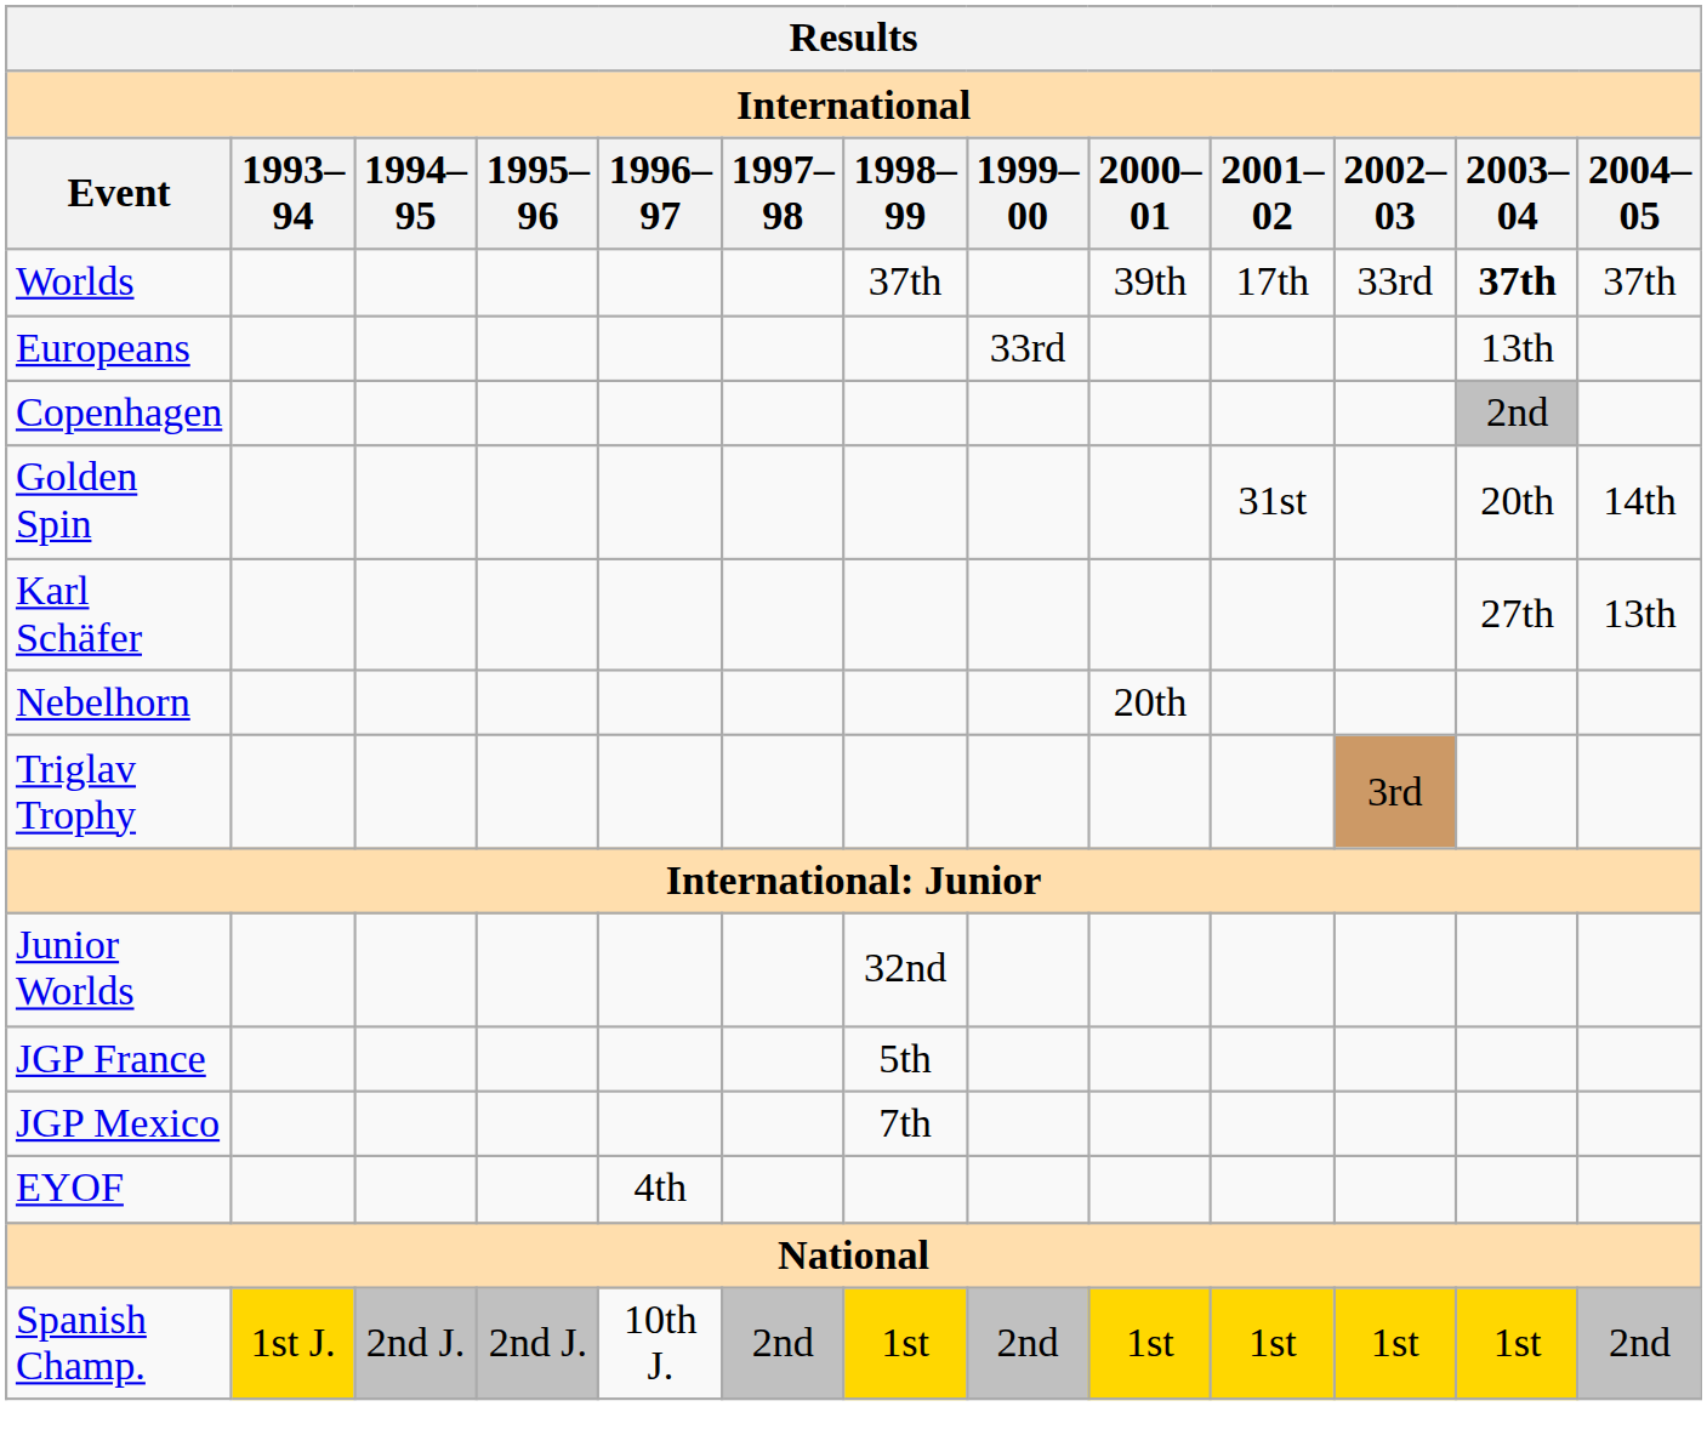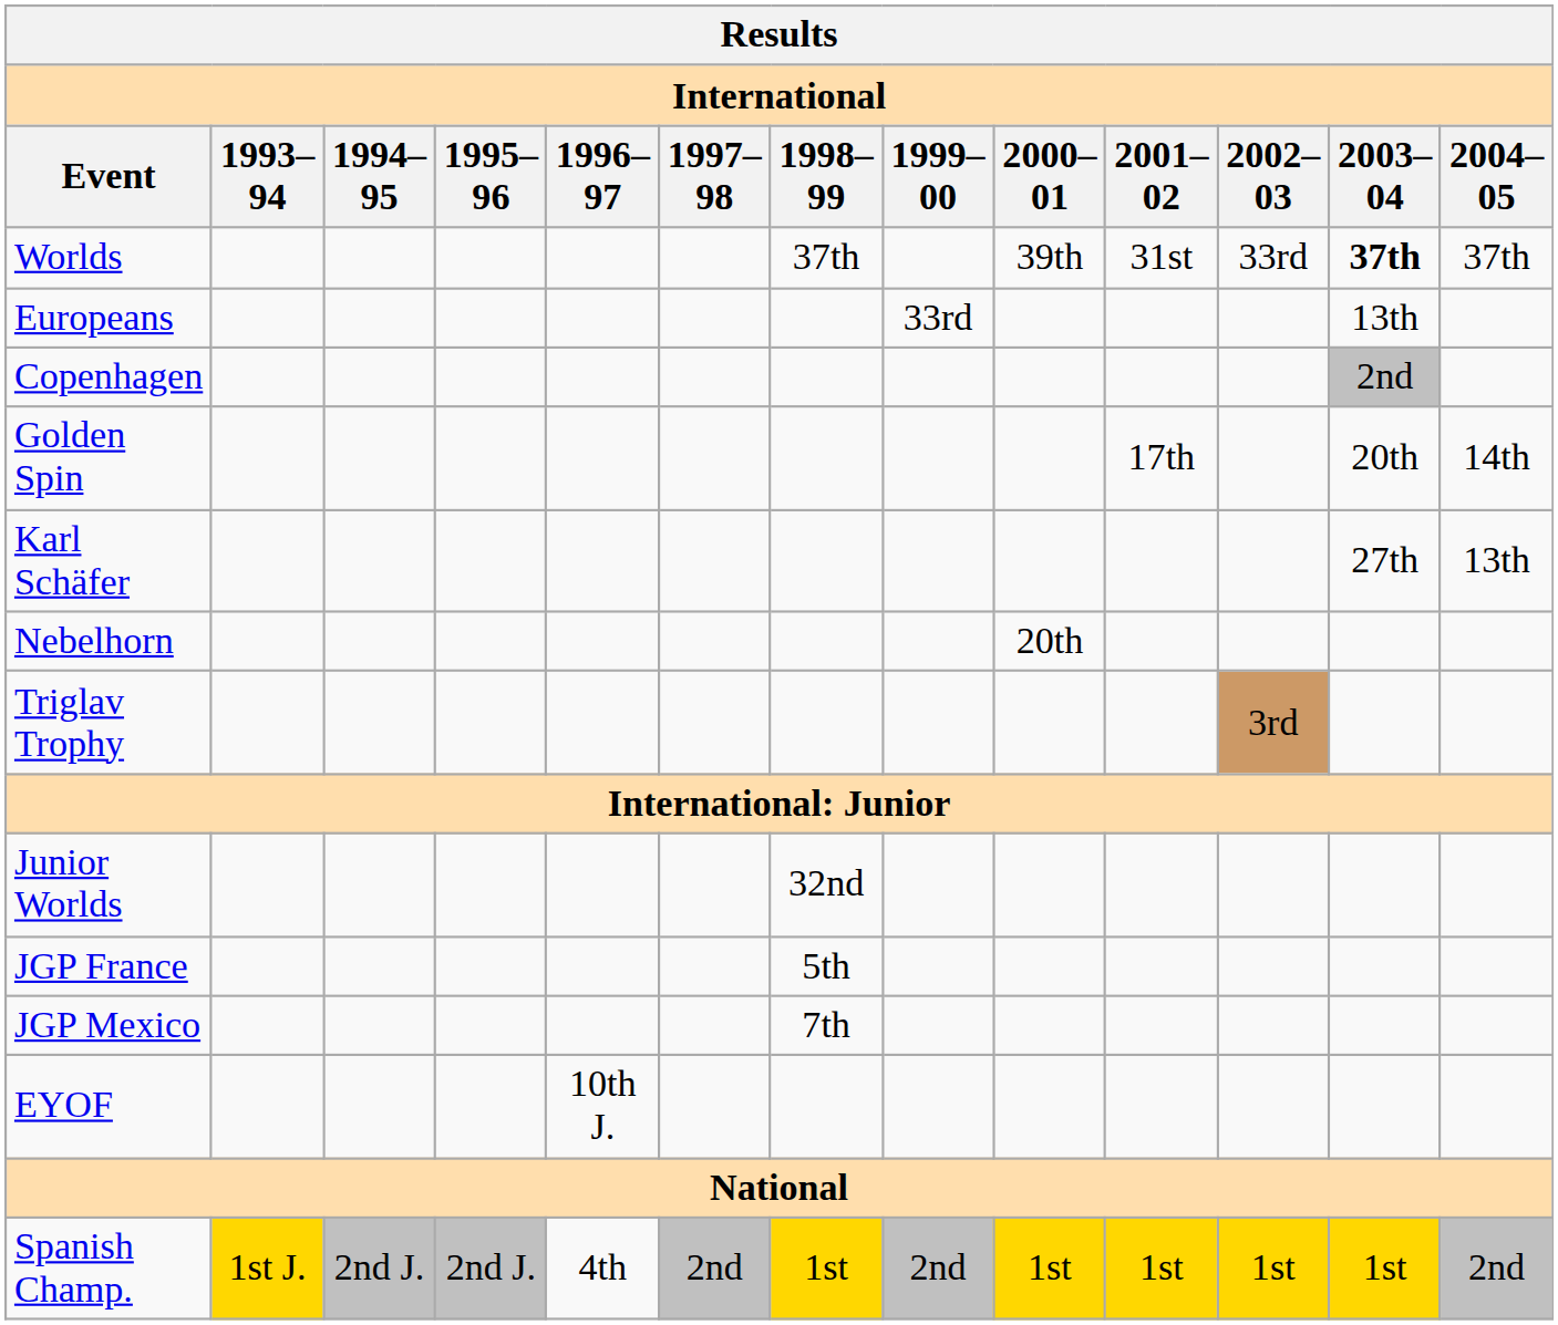 <table class="wikitable" style="text-align:center">
 <tr>
 <th colspan=13 align=center><strong>Results</strong></th>
 </tr>
 <tr>
 <th style="background-color: #ffdead; " colspan=13 align=center><strong>International</strong></th>
 </tr>
 <tr>
 <th>Event</th>
 <th>1993–94</th>
 <th>1994–95</th>
 <th>1995–96</th>
 <th>1996–97</th>
 <th>1997–98</th>
 <th>1998–99</th>
 <th>1999–00</th>
 <th>2000–01</th>
 <th>2001–02</th>
 <th>2002–03</th>
 <th>2003–04</th>
 <th>2004–05</th>
 </tr>
 <tr>
 <td align=left><a href='#'>Worlds</a></td>
 <td></td>
 <td></td>
 <td></td>
 <td></td>
 <td></td>
 <td>37th</td>
 <td></td>
 <td>39th</td>
-<td>17th</td>
+<td>31st</td>
 <td>33rd</td>
 <td><strong>37th</strong></td>
 <td>37th</td>
 </tr>
 <tr>
 <td align=left><a href='#'>Europeans</a></td>
 <td></td>
 <td></td>
 <td></td>
 <td></td>
 <td></td>
 <td></td>
 <td>33rd</td>
 <td></td>
 <td></td>
 <td></td>
 <td>13th</td>
 <td></td>
 </tr>
 <tr>
 <td align=left><a href='#'>Copenhagen</a></td>
 <td></td>
 <td></td>
 <td></td>
 <td></td>
 <td></td>
 <td></td>
 <td></td>
 <td></td>
 <td></td>
 <td></td>
 <td bgcolor=silver>2nd</td>
 <td></td>
 </tr>
 <tr>
 <td align=left><a href='#'>Golden Spin</a></td>
 <td></td>
 <td></td>
 <td></td>
 <td></td>
 <td></td>
 <td></td>
 <td></td>
 <td></td>
-<td>31st</td>
+<td>17th</td>
 <td></td>
 <td>20th</td>
 <td>14th</td>
 </tr>
 <tr>
 <td align=left><a href='#'>Karl Schäfer</a></td>
 <td></td>
 <td></td>
 <td></td>
 <td></td>
 <td></td>
 <td></td>
 <td></td>
 <td></td>
 <td></td>
 <td></td>
 <td>27th</td>
 <td>13th</td>
 </tr>
 <tr>
 <td align=left><a href='#'>Nebelhorn</a></td>
 <td></td>
 <td></td>
 <td></td>
 <td></td>
 <td></td>
 <td></td>
 <td></td>
 <td>20th</td>
 <td></td>
 <td></td>
 <td></td>
 <td></td>
 </tr>
 <tr>
 <td align=left><a href='#'>Triglav Trophy</a></td>
 <td></td>
 <td></td>
 <td></td>
 <td></td>
 <td></td>
 <td></td>
 <td></td>
 <td></td>
 <td></td>
 <td bgcolor=cc9966>3rd</td>
 <td></td>
 <td></td>
 </tr>
 <tr>
 <th style="background-color: #ffdead; " colspan=13 align=center><strong>International: Junior</strong></th>
 </tr>
 <tr>
 <td align=left><a href='#'>Junior Worlds</a></td>
 <td></td>
 <td></td>
 <td></td>
 <td></td>
 <td></td>
 <td>32nd</td>
 <td></td>
 <td></td>
 <td></td>
 <td></td>
 <td></td>
 <td></td>
 </tr>
 <tr>
 <td align=left><a href='#'>JGP France</a></td>
 <td></td>
 <td></td>
 <td></td>
 <td></td>
 <td></td>
 <td>5th</td>
 <td></td>
 <td></td>
 <td></td>
 <td></td>
 <td></td>
 <td></td>
 </tr>
 <tr>
 <td align=left><a href='#'>JGP Mexico</a></td>
 <td></td>
 <td></td>
 <td></td>
 <td></td>
 <td></td>
 <td>7th</td>
 <td></td>
 <td></td>
 <td></td>
 <td></td>
 <td></td>
 <td></td>
 </tr>
 <tr>
 <td align=left><a href='#'>EYOF</a></td>
 <td></td>
 <td></td>
 <td></td>
-<td>4th</td>
+<td>10th J.</td>
 <td></td>
 <td></td>
 <td></td>
 <td></td>
 <td></td>
 <td></td>
 <td></td>
 <td></td>
 </tr>
 <tr>
 <th style="background-color: #ffdead; " colspan=13 align=center><strong>National</strong></th>
 </tr>
 <tr>
 <td align=left><a href='#'>Spanish Champ.</a></td>
 <td bgcolor=gold>1st J.</td>
 <td bgcolor=silver>2nd J.</td>
 <td bgcolor=silver>2nd J.</td>
-<td>10th J.</td>
+<td>4th</td>
 <td bgcolor=silver>2nd</td>
 <td bgcolor=gold>1st</td>
 <td bgcolor=silver>2nd</td>
 <td bgcolor=gold>1st</td>
 <td bgcolor=gold>1st</td>
 <td bgcolor=gold>1st</td>
 <td bgcolor=gold>1st</td>
 <td bgcolor=silver>2nd</td>
 </tr>
 </table>
